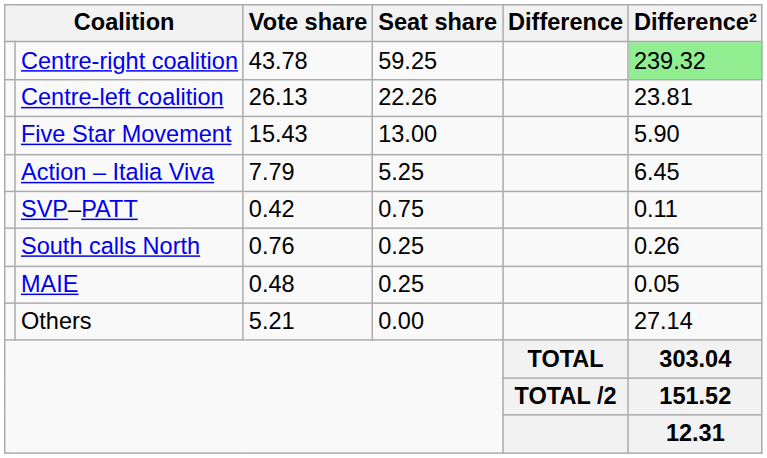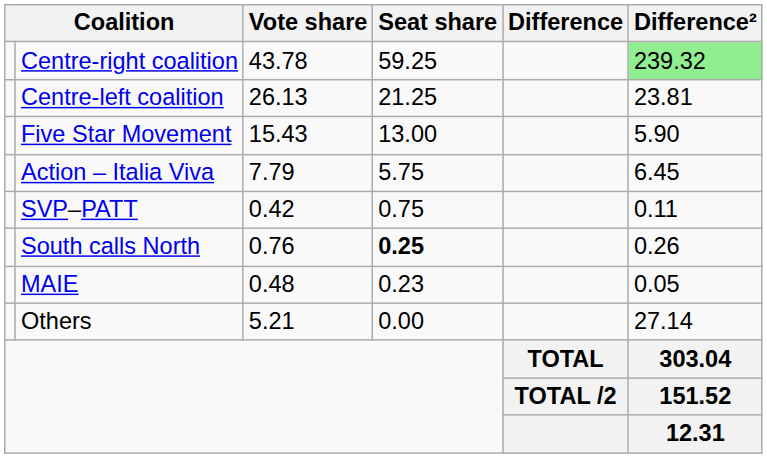 <table class="wikitable">
 <tr>
 <th colspan="2">Coalition</th>
 <th>Vote share</th>
 <th>Seat share</th>
 <th>Difference</th>
 <th>Difference²</th>
 </tr>
 <tr>
 <td></td>
 <td><a href='#'>Centre-right coalition</a></td>
 <td>43.78</td>
 <td>59.25</td>
 <td></td>
 <td style="background: lightgreen;">239.32</td>
 </tr>
 <tr>
 <td></td>
 <td><a href='#'>Centre-left coalition</a></td>
 <td>26.13</td>
-<td>22.26</td>
+<td>21.25</td>
 <td></td>
 <td>23.81</td>
 </tr>
 <tr>
 <td></td>
 <td><a href='#'>Five Star Movement</a></td>
 <td>15.43</td>
 <td>13.00</td>
 <td></td>
 <td>5.90</td>
 </tr>
 <tr>
 <td></td>
 <td><a href='#'>Action – Italia Viva</a></td>
 <td>7.79</td>
-<td>5.25</td>
+<td>5.75</td>
 <td></td>
 <td>6.45</td>
 </tr>
 <tr>
 <td></td>
 <td><a href='#'>SVP</a>–<a href='#'>PATT</a></td>
 <td>0.42</td>
 <td>0.75</td>
 <td></td>
 <td>0.11</td>
 </tr>
 <tr>
 <td></td>
 <td><a href='#'>South calls North</a></td>
 <td>0.76</td>
-<td>0.25</td>
+<td><strong>0.25</strong></td>
 <td></td>
 <td>0.26</td>
 </tr>
 <tr>
 <td></td>
 <td><a href='#'>MAIE</a></td>
 <td>0.48</td>
-<td>0.25</td>
+<td>0.23</td>
 <td></td>
 <td>0.05</td>
 </tr>
 <tr>
 <td></td>
 <td>Others</td>
 <td>5.21</td>
 <td>0.00</td>
 <td></td>
 <td>27.14</td>
 </tr>
 <tr>
 <td colspan="4" rowspan="3"></td>
 <th>TOTAL</th>
 <th>303.04</th>
 </tr>
 <tr>
 <th>TOTAL /2</th>
 <th>151.52</th>
 </tr>
 <tr>
 <th></th>
 <th>12.31</th>
 </tr>
 </table>
